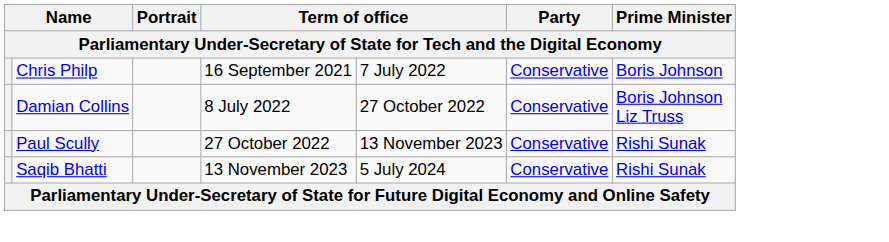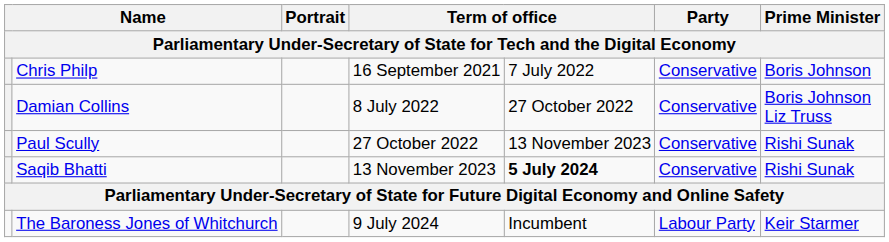 <table class="wikitable">
 <tr>
 <th colspan=2>Name</th>
 <th>Portrait</th>
 <th colspan="2">Term of office</th>
 <th>Party</th>
 <th>Prime Minister</th>
 </tr>
 <tr>
 <th colspan=7>Parliamentary Under-Secretary of State for Tech and the Digital Economy</th>
 </tr>
 <tr>
 <th style="background-color: "></th>
 <td><a href='#'>Chris Philp</a></td>
 <td></td>
 <td>16 September 2021</td>
 <td>7 July 2022</td>
 <td><a href='#'>Conservative</a></td>
 <td><a href='#'>Boris Johnson</a></td>
 </tr>
 <tr>
 <th style="background-color: "></th>
 <td><a href='#'>Damian Collins</a></td>
 <td></td>
 <td>8 July 2022</td>
 <td>27 October 2022</td>
 <td><a href='#'>Conservative</a></td>
 <td><a href='#'>Boris Johnson</a> <br> <a href='#'>Liz Truss</a></td>
 </tr>
 <tr>
 <th style="background-color: "></th>
 <td><a href='#'>Paul Scully</a></td>
 <td></td>
 <td>27 October 2022</td>
 <td>13 November 2023</td>
 <td><a href='#'>Conservative</a></td>
 <td><a href='#'>Rishi Sunak</a></td>
 </tr>
 <tr>
 <th style="background-color: "></th>
 <td><a href='#'>Saqib Bhatti</a></td>
 <td></td>
 <td>13 November 2023</td>
-<td>5 July 2024</td>
+<td><strong>5 July 2024</strong></td>
 <td><a href='#'>Conservative</a></td>
 <td><a href='#'>Rishi Sunak</a></td>
 </tr>
 <tr>
 <th colspan=7>Parliamentary Under-Secretary of State for Future Digital Economy and Online Safety</th>
 </tr>
+<tr>
+<td style="color:inherit;background-color: "></td>
+<td><a href='#'>The Baroness Jones of Whitchurch</a></td>
+<td></td>
+<td>9 July 2024</td>
+<td>Incumbent</td>
+<td><a href='#'>Labour Party</a></td>
+<td><a href='#'>Keir Starmer</a></td>
+</tr>
 </table>
